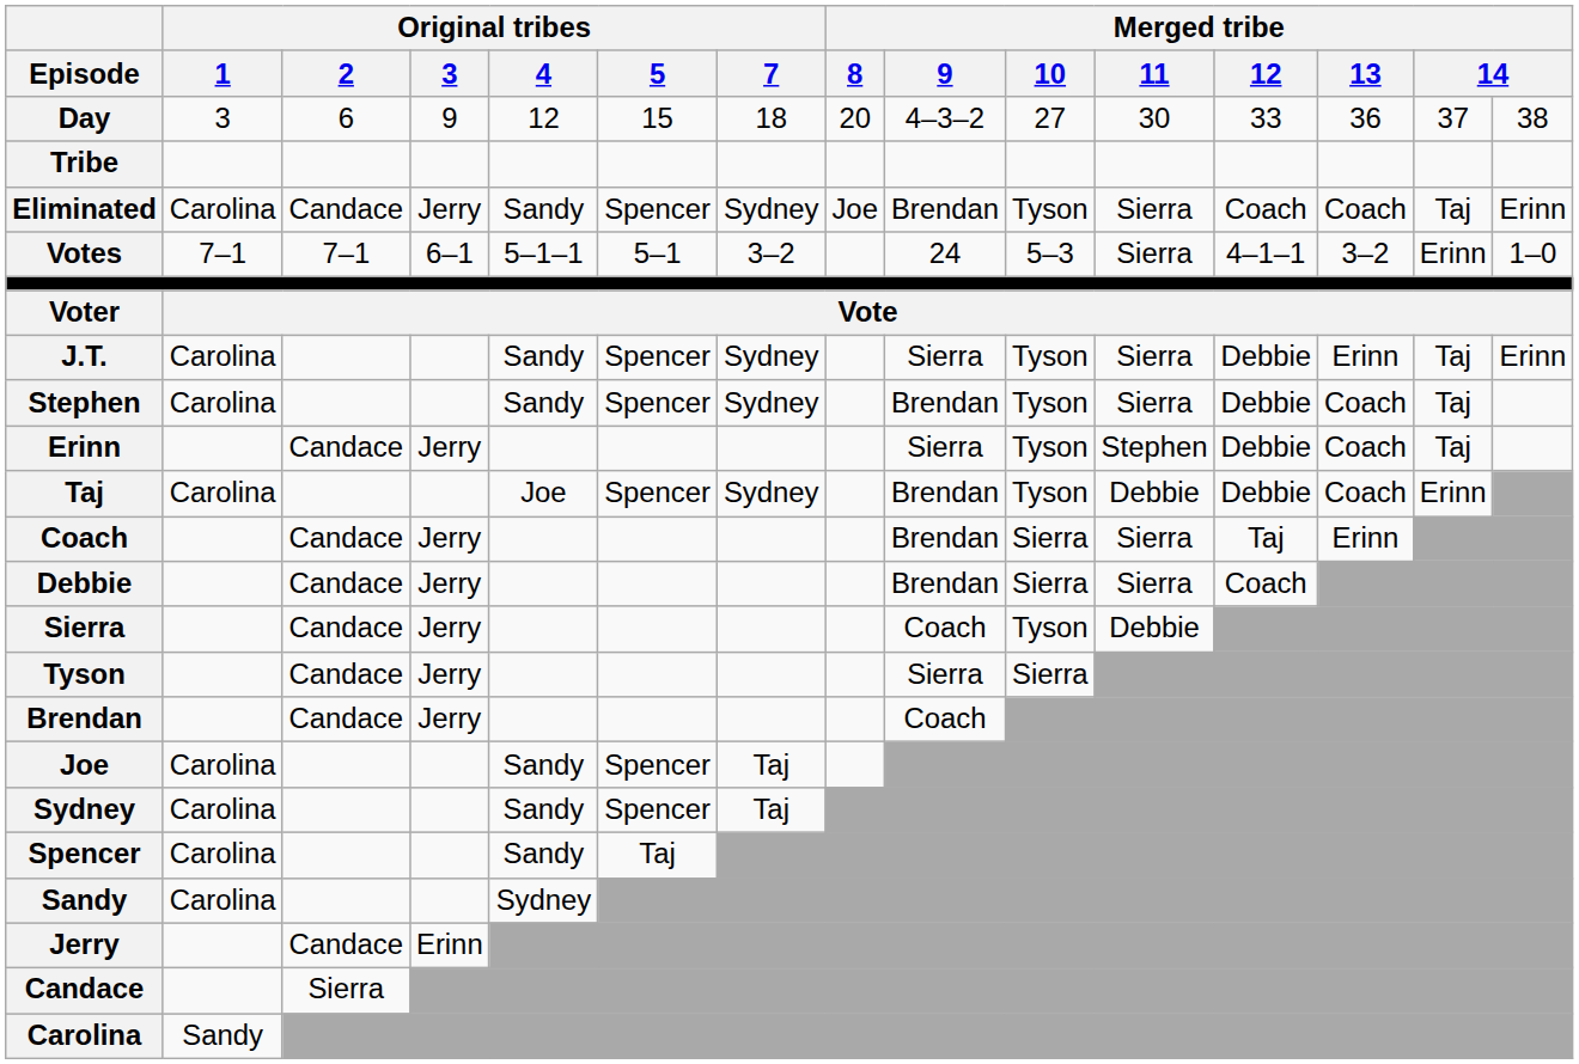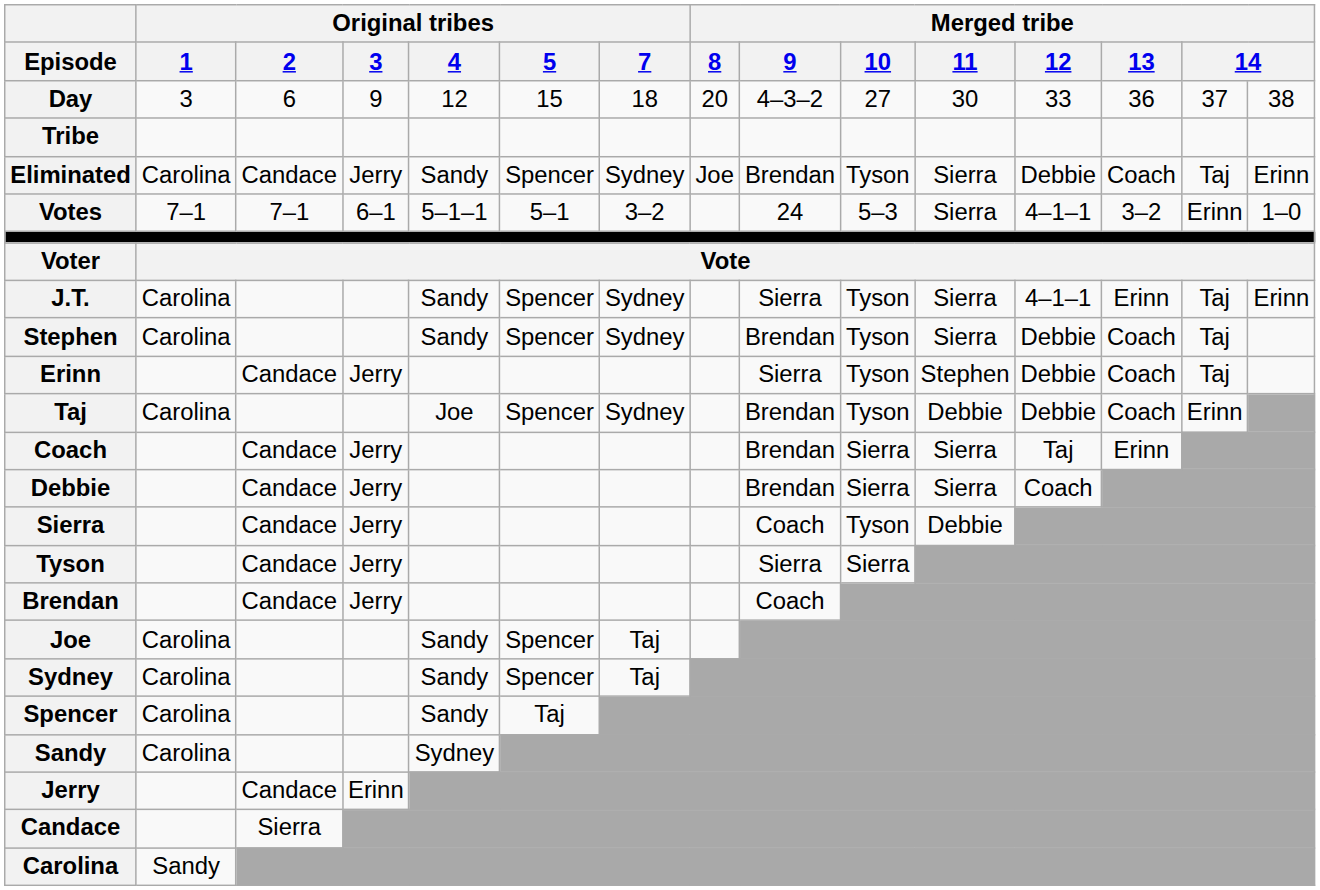 <table class="wikitable" style="text-align:center;">
 <tr>
 <th></th>
 <th colspan="6">Original tribes</th>
 <th colspan="8">Merged tribe</th>
 </tr>
 <tr>
 <th>Episode</th>
 <th><a href='#'>1</a></th>
 <th><a href='#'>2</a></th>
 <th><a href='#'>3</a></th>
 <th><a href='#'>4</a></th>
 <th><a href='#'>5</a></th>
 <th><a href='#'>7</a></th>
 <th><a href='#'>8</a></th>
 <th><a href='#'>9</a></th>
 <th><a href='#'>10</a></th>
 <th><a href='#'>11</a></th>
 <th><a href='#'>12</a></th>
 <th><a href='#'>13</a></th>
 <th colspan="2"><a href='#'>14</a></th>
 </tr>
 <tr>
 <th>Day</th>
 <td>3</td>
 <td>6</td>
 <td>9</td>
 <td>12</td>
 <td>15</td>
 <td>18</td>
 <td>20</td>
 <td>4–3–2</td>
 <td>27</td>
 <td>30</td>
 <td>33</td>
 <td>36</td>
 <td>37</td>
 <td>38</td>
 </tr>
 <tr>
 <th>Tribe</th>
 <td></td>
 <td></td>
 <td></td>
 <td></td>
 <td></td>
 <td></td>
 <td></td>
 <td></td>
 <td></td>
 <td></td>
 <td></td>
 <td></td>
 <td></td>
 <td></td>
 </tr>
 <tr>
 <th>Eliminated</th>
 <td>Carolina</td>
 <td>Candace</td>
 <td>Jerry</td>
 <td>Sandy</td>
 <td>Spencer</td>
 <td>Sydney</td>
 <td>Joe</td>
 <td>Brendan</td>
 <td>Tyson</td>
 <td>Sierra</td>
-<td>Coach</td>
+<td>Debbie</td>
 <td>Coach</td>
 <td>Taj</td>
 <td>Erinn</td>
 </tr>
 <tr>
 <th>Votes</th>
 <td>7–1</td>
 <td>7–1</td>
 <td>6–1</td>
 <td>5–1–1</td>
 <td>5–1</td>
 <td>3–2</td>
 <td></td>
 <td>24</td>
 <td>5–3</td>
 <td>Sierra</td>
 <td>4–1–1</td>
 <td>3–2</td>
 <td>Erinn</td>
 <td>1–0</td>
 </tr>
 <tr>
 <td colspan=16 bgcolor=black></td>
 </tr>
 <tr>
 <th>Voter</th>
 <th colspan="14">Vote</th>
 </tr>
 <tr>
 <th>J.T.</th>
 <td>Carolina</td>
 <td></td>
 <td></td>
 <td>Sandy</td>
 <td>Spencer</td>
 <td>Sydney</td>
 <td></td>
 <td>Sierra</td>
 <td>Tyson</td>
 <td>Sierra</td>
-<td>Debbie</td>
+<td>4–1–1</td>
 <td>Erinn</td>
 <td>Taj</td>
 <td>Erinn</td>
 </tr>
 <tr>
 <th>Stephen</th>
 <td>Carolina</td>
 <td></td>
 <td></td>
 <td>Sandy</td>
 <td>Spencer</td>
 <td>Sydney</td>
 <td></td>
 <td>Brendan</td>
 <td>Tyson</td>
 <td>Sierra</td>
 <td>Debbie</td>
 <td>Coach</td>
 <td>Taj</td>
 <td></td>
 </tr>
 <tr>
 <th>Erinn</th>
 <td></td>
 <td>Candace</td>
 <td>Jerry</td>
 <td></td>
 <td></td>
 <td></td>
 <td></td>
 <td>Sierra</td>
 <td>Tyson</td>
 <td>Stephen</td>
 <td>Debbie</td>
 <td>Coach</td>
 <td>Taj</td>
 <td></td>
 </tr>
 <tr>
 <th>Taj</th>
 <td>Carolina</td>
 <td></td>
 <td></td>
 <td>Joe</td>
 <td>Spencer</td>
 <td>Sydney</td>
 <td></td>
 <td>Brendan</td>
 <td>Tyson</td>
 <td>Debbie</td>
 <td>Debbie</td>
 <td>Coach</td>
 <td>Erinn</td>
 <td colspan="1" bgcolor="darkgray"></td>
 </tr>
 <tr>
 <th>Coach</th>
 <td></td>
 <td>Candace</td>
 <td>Jerry</td>
 <td></td>
 <td></td>
 <td></td>
 <td></td>
 <td>Brendan</td>
 <td>Sierra</td>
 <td>Sierra</td>
 <td>Taj</td>
 <td>Erinn</td>
 <td colspan="2" bgcolor="darkgray"></td>
 </tr>
 <tr>
 <th>Debbie</th>
 <td></td>
 <td>Candace</td>
 <td>Jerry</td>
 <td></td>
 <td></td>
 <td></td>
 <td></td>
 <td>Brendan</td>
 <td>Sierra</td>
 <td>Sierra</td>
 <td>Coach</td>
 <td colspan="3" bgcolor="darkgray"></td>
 </tr>
 <tr>
 <th>Sierra</th>
 <td></td>
 <td>Candace</td>
 <td>Jerry</td>
 <td></td>
 <td></td>
 <td></td>
 <td></td>
 <td>Coach</td>
 <td>Tyson</td>
 <td>Debbie</td>
 <td colspan="4" bgcolor="darkgray"></td>
 </tr>
 <tr>
 <th>Tyson</th>
 <td></td>
 <td>Candace</td>
 <td>Jerry</td>
 <td></td>
 <td></td>
 <td></td>
 <td></td>
 <td>Sierra</td>
 <td>Sierra</td>
 <td colspan="5" bgcolor="darkgray"></td>
 </tr>
 <tr>
 <th>Brendan</th>
 <td></td>
 <td>Candace</td>
 <td>Jerry</td>
 <td></td>
 <td></td>
 <td></td>
 <td></td>
 <td>Coach</td>
 <td colspan="6" bgcolor="darkgray"></td>
 </tr>
 <tr>
 <th>Joe</th>
 <td>Carolina</td>
 <td></td>
 <td></td>
 <td>Sandy</td>
 <td>Spencer</td>
 <td>Taj</td>
 <td></td>
 <td colspan="9" bgcolor="darkgray"></td>
 </tr>
 <tr>
 <th>Sydney</th>
 <td>Carolina</td>
 <td></td>
 <td></td>
 <td>Sandy</td>
 <td>Spencer</td>
 <td>Taj</td>
 <td colspan="10" bgcolor="darkgray"></td>
 </tr>
 <tr>
 <th>Spencer</th>
 <td>Carolina</td>
 <td></td>
 <td></td>
 <td>Sandy</td>
 <td>Taj</td>
 <td colspan="11" bgcolor="darkgray"></td>
 </tr>
 <tr>
 <th>Sandy</th>
 <td>Carolina</td>
 <td></td>
 <td></td>
 <td>Sydney</td>
 <td colspan="12" bgcolor="darkgray"></td>
 </tr>
 <tr>
 <th>Jerry</th>
 <td></td>
 <td>Candace</td>
 <td>Erinn</td>
 <td colspan="13" bgcolor="darkgray"></td>
 </tr>
 <tr>
 <th>Candace</th>
 <td></td>
 <td>Sierra</td>
 <td colspan="14" bgcolor="darkgray"></td>
 </tr>
 <tr>
 <th>Carolina</th>
 <td>Sandy</td>
 <td colspan="15" bgcolor="darkgray"></td>
 </tr>
 </table>
